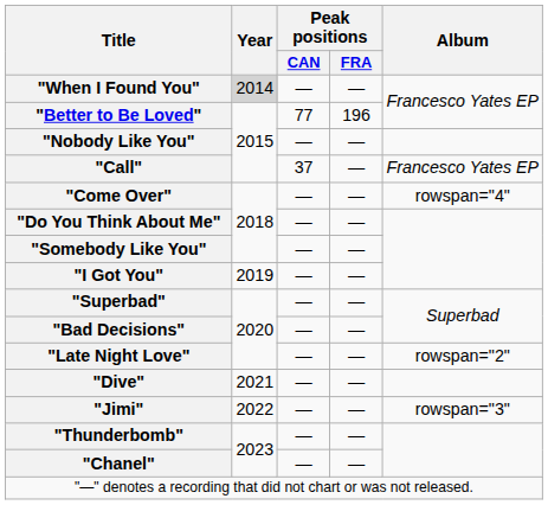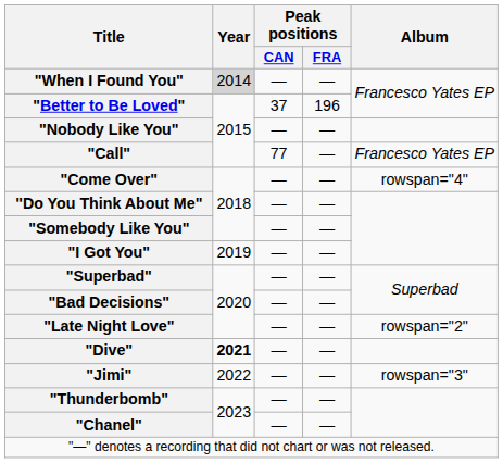 <table class="wikitable plainrowheaders" style="text-align:center">
 <tr>
 <th rowspan="2" style="width:13em;">Title</th>
 <th rowspan="2">Year</th>
 <th colspan="2">Peak positions</th>
 <th rowspan="2">Album</th>
 </tr>
 <tr>
 <th scope="col" style="width:3em;font-size:90%;"><a href='#'>CAN</a><br></th>
 <th scope="col" style="width:3em;font-size:90%;"><a href='#'>FRA</a><br></th>
 </tr>
 <tr>
 <th scope="row">"When I Found You"</th>
 <td style="background: lightgrey;">2014</td>
 <td>—</td>
 <td>—</td>
 <td rowspan="2"><em>Francesco Yates EP</em></td>
 </tr>
 <tr>
 <th scope="row">"<a href='#'>Better to Be Loved</a>"</th>
 <td rowspan="3">2015</td>
-<td>77</td>
+<td>37</td>
 <td>196</td>
 </tr>
 <tr>
 <th scope="row">"Nobody Like You"</th>
 <td>—</td>
 <td>—</td>
 <td></td>
 </tr>
 <tr>
 <th scope="row">"Call"</th>
-<td>37</td>
+<td>77</td>
 <td>—</td>
 <td><em>Francesco Yates EP</em></td>
 </tr>
 <tr>
 <th scope="row">"Come Over"</th>
 <td rowspan="3">2018</td>
 <td>—</td>
 <td>—</td>
 <td>rowspan="4" </td>
 </tr>
 <tr>
 <th scope="row">"Do You Think About Me"</th>
 <td>—</td>
 <td>—</td>
 </tr>
 <tr>
 <th scope="row">"Somebody Like You"</th>
 <td>—</td>
 <td>—</td>
 </tr>
 <tr>
 <th scope="row">"I Got You"</th>
 <td>2019</td>
 <td>—</td>
 <td>—</td>
 </tr>
 <tr>
 <th scope="row">"Superbad"</th>
 <td rowspan="3">2020</td>
 <td>—</td>
 <td>—</td>
 <td rowspan="2"><em>Superbad</em></td>
 </tr>
 <tr>
 <th scope="row">"Bad Decisions"</th>
 <td>—</td>
 <td>—</td>
 </tr>
 <tr>
 <th scope="row">"Late Night Love"</th>
 <td>—</td>
 <td>—</td>
 <td>rowspan="2" </td>
 </tr>
 <tr>
 <th scope="row">"Dive"</th>
-<td>2021</td>
+<td><strong>2021</strong></td>
 <td>—</td>
 <td>—</td>
 </tr>
 <tr>
 <th scope="row">"Jimi"</th>
 <td>2022</td>
 <td>—</td>
 <td>—</td>
 <td>rowspan="3" </td>
 </tr>
 <tr>
 <th scope="row">"Thunderbomb"</th>
 <td rowspan="2">2023</td>
 <td>—</td>
 <td>—</td>
 </tr>
 <tr>
 <th scope="row">"Chanel"</th>
 <td>—</td>
 <td>—</td>
 </tr>
 <tr>
 <td colspan="13" style="font-size:85%">"—" denotes a recording that did not chart or was not released.</td>
 </tr>
 </table>
